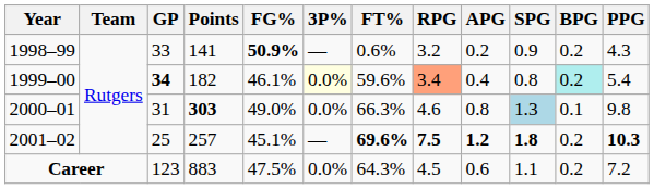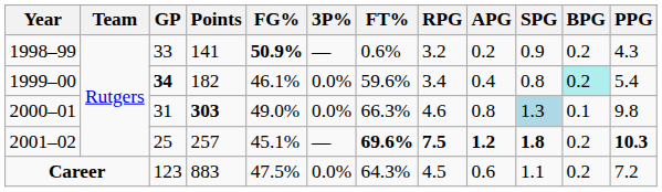 <table class="wikitable sortable">
 <tr>
 <th>Year</th>
 <th>Team</th>
 <th>GP</th>
 <th>Points</th>
 <th>FG%</th>
 <th>3P%</th>
 <th>FT%</th>
 <th>RPG</th>
 <th>APG</th>
 <th>SPG</th>
 <th>BPG</th>
 <th>PPG</th>
 </tr>
 <tr>
 <td>1998–99</td>
 <td rowspan=4><a href='#'>Rutgers</a></td>
 <td>33</td>
 <td>141</td>
 <td><strong>50.9%</strong></td>
 <td>—</td>
 <td>0.6%</td>
 <td>3.2</td>
 <td>0.2</td>
 <td>0.9</td>
 <td>0.2</td>
 <td>4.3</td>
 </tr>
 <tr>
 <td>1999–00</td>
 <td><strong>34</strong></td>
 <td>182</td>
 <td>46.1%</td>
-<td style="background: lightyellow;">0.0%</td>
+<td>0.0%</td>
 <td>59.6%</td>
-<td style="background: lightsalmon;">3.4</td>
+<td>3.4</td>
 <td>0.4</td>
 <td>0.8</td>
 <td style="background: paleturquoise;">0.2</td>
 <td>5.4</td>
 </tr>
 <tr>
 <td>2000–01</td>
 <td>31</td>
 <td><strong>303</strong></td>
 <td>49.0%</td>
 <td>0.0%</td>
 <td>66.3%</td>
 <td>4.6</td>
 <td>0.8</td>
 <td style="background: lightblue;">1.3</td>
 <td>0.1</td>
 <td>9.8</td>
 </tr>
 <tr>
 <td>2001–02</td>
 <td>25</td>
 <td>257</td>
 <td>45.1%</td>
 <td>—</td>
 <td><strong>69.6%</strong></td>
 <td><strong>7.5</strong></td>
 <td><strong>1.2</strong></td>
 <td><strong>1.8</strong></td>
 <td>0.2</td>
 <td><strong>10.3</strong></td>
 </tr>
 <tr class="sortbottom">
 <td align=center colspan=2><strong>Career</strong></td>
 <td>123</td>
 <td>883</td>
 <td>47.5%</td>
 <td>0.0%</td>
 <td>64.3%</td>
 <td>4.5</td>
 <td>0.6</td>
 <td>1.1</td>
 <td>0.2</td>
 <td>7.2</td>
 </tr>
 </table>
